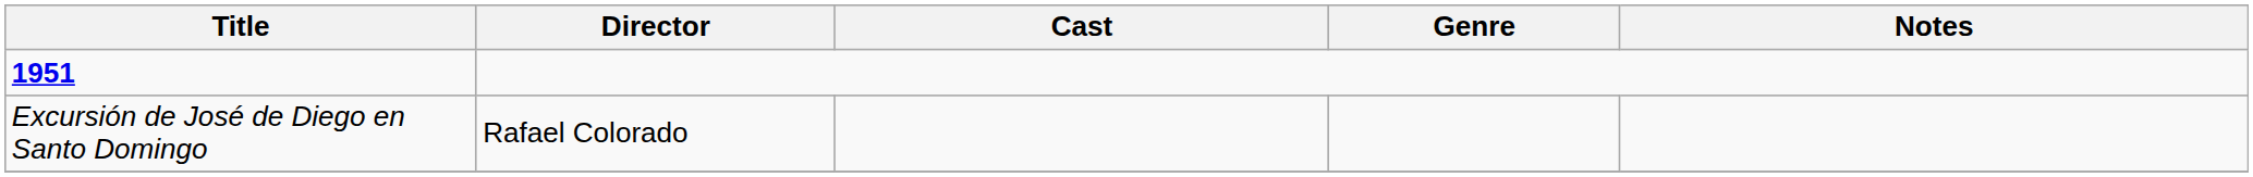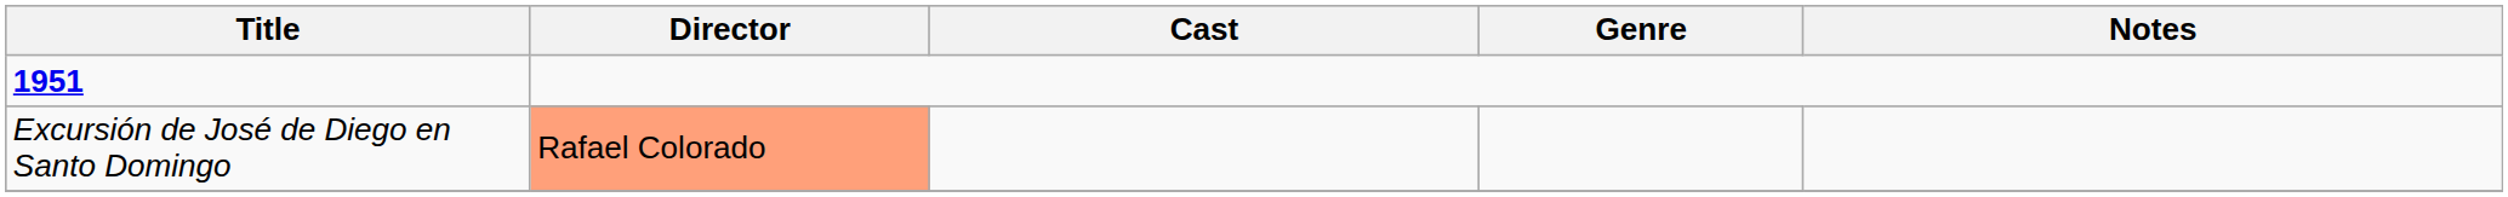 <table class="wikitable" width= "100%">
 <tr>
 <th width=21%>Title</th>
 <th width=16%>Director</th>
 <th width=22%>Cast</th>
 <th width=13%>Genre</th>
 <th width=28%>Notes</th>
 </tr>
 <tr>
 <td><strong><a href='#'>1951</a></strong></td>
 </tr>
 <tr>
 <td><em>Excursión de José de Diego en Santo Domingo</em></td>
-<td>Rafael Colorado</td>
+<td style="background: lightsalmon;">Rafael Colorado</td>
 <td></td>
 <td></td>
 <td></td>
 </tr>
 <tr>
 </tr>
 </table>
